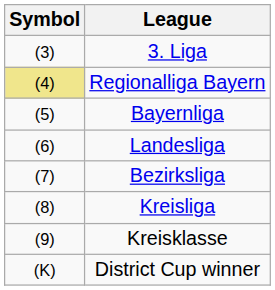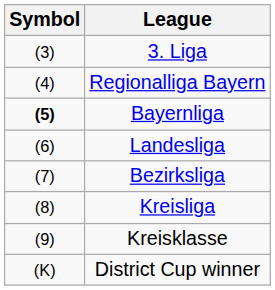 <table class="wikitable" style="text-align: center">
 <tr>
 <th>Symbol</th>
 <th>League</th>
 </tr>
 <tr>
 <td><small>(3)</small></td>
 <td><a href='#'>3. Liga</a></td>
 </tr>
 <tr>
-<td style="background: khaki;"><small>(4)</small></td>
+<td><small>(4)</small></td>
 <td><a href='#'>Regionalliga Bayern</a></td>
 </tr>
 <tr>
-<td><small>(5)</small></td>
+<td><strong><small>(5)</small></strong></td>
 <td><a href='#'>Bayernliga</a></td>
 </tr>
 <tr>
 <td><small>(6)</small></td>
 <td><a href='#'>Landesliga</a></td>
 </tr>
 <tr>
 <td><small>(7)</small></td>
 <td><a href='#'>Bezirksliga</a></td>
 </tr>
 <tr>
 <td><small>(8)</small></td>
 <td><a href='#'>Kreisliga</a></td>
 </tr>
 <tr>
 <td><small>(9)</small></td>
 <td>Kreisklasse</td>
 </tr>
 <tr>
 <td><small>(K)</small></td>
 <td>District Cup winner</td>
 </tr>
 </table>
